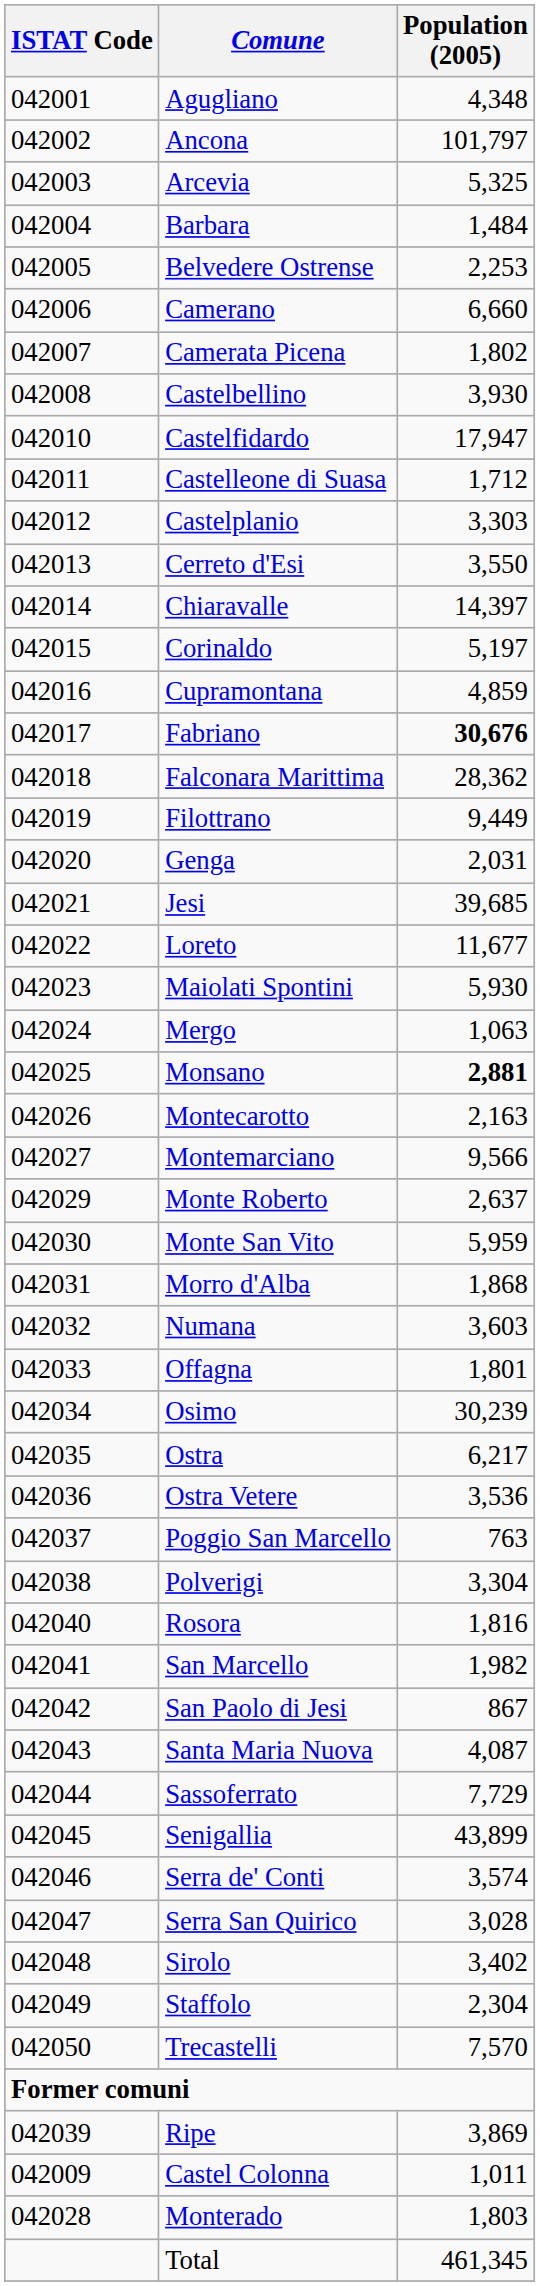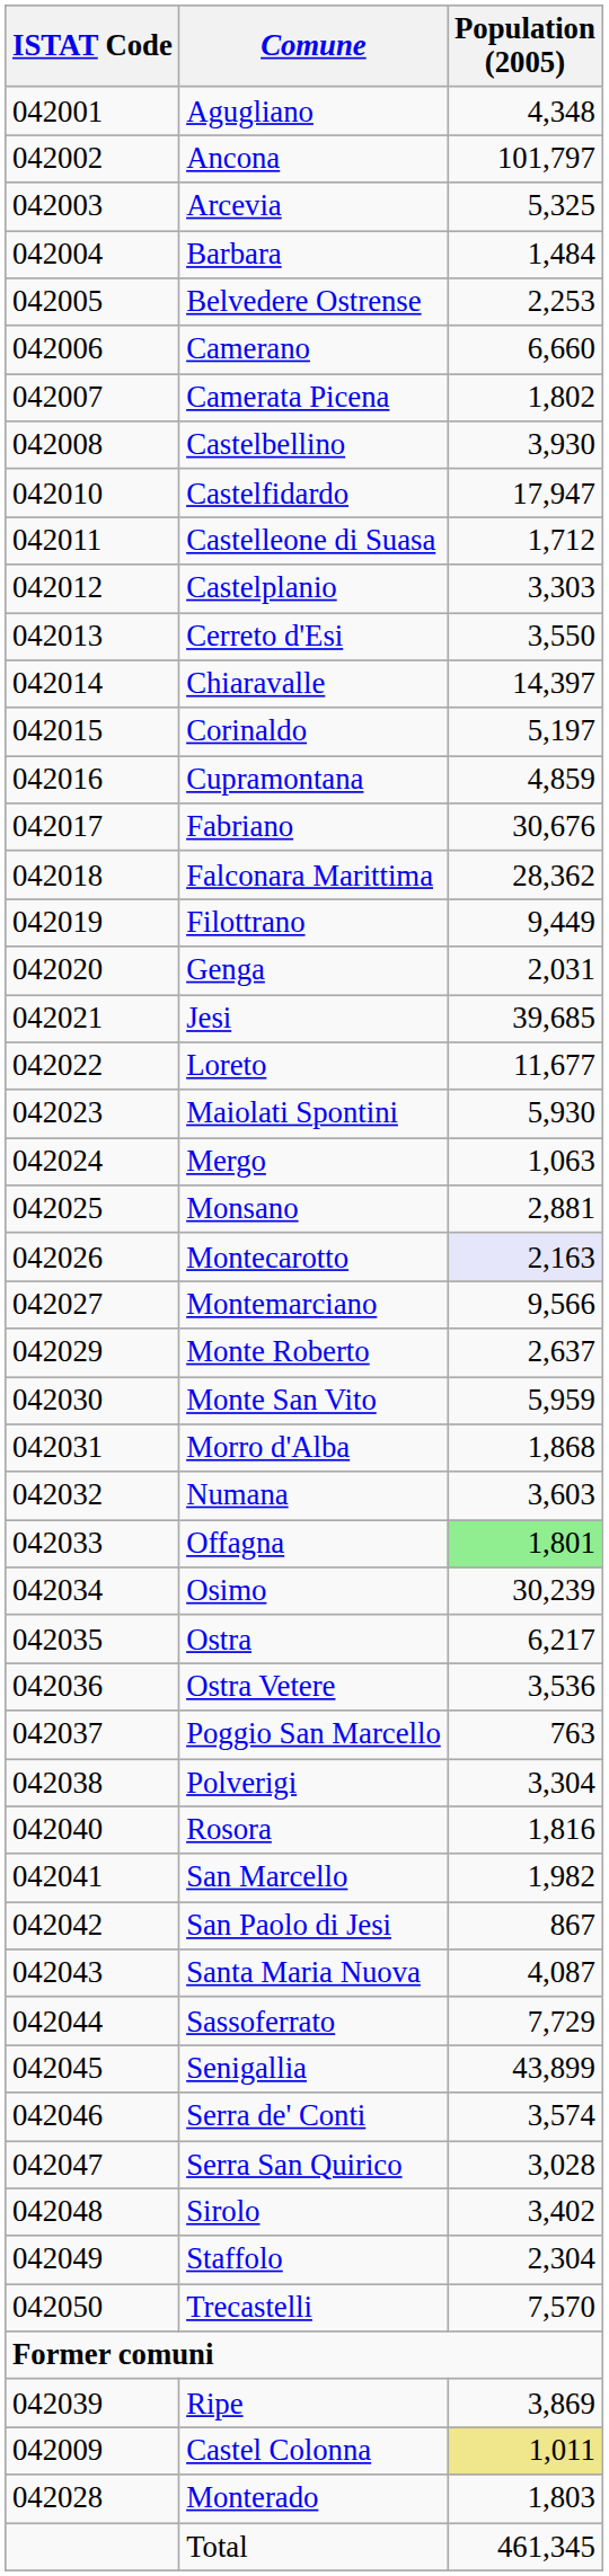 <table class="wikitable sortable">
 <tr>
 <th><a href='#'>ISTAT</a> Code</th>
 <th><em><a href='#'>Comune</a></em></th>
 <th>Population <br>(2005)</th>
 </tr>
 <tr>
 <td>042001</td>
 <td><a href='#'>Agugliano</a></td>
 <td style="text-align:right;">4,348</td>
 </tr>
 <tr>
 <td>042002</td>
 <td><a href='#'>Ancona</a></td>
 <td style="text-align:right;">101,797</td>
 </tr>
 <tr>
 <td>042003</td>
 <td><a href='#'>Arcevia</a></td>
 <td style="text-align:right;">5,325</td>
 </tr>
 <tr>
 <td>042004</td>
 <td><a href='#'>Barbara</a></td>
 <td style="text-align:right;">1,484</td>
 </tr>
 <tr>
 <td>042005</td>
 <td><a href='#'>Belvedere Ostrense</a></td>
 <td style="text-align:right;">2,253</td>
 </tr>
 <tr>
 <td>042006</td>
 <td><a href='#'>Camerano</a></td>
 <td style="text-align:right;">6,660</td>
 </tr>
 <tr>
 <td>042007</td>
 <td><a href='#'>Camerata Picena</a></td>
 <td style="text-align:right;">1,802</td>
 </tr>
 <tr>
 <td>042008</td>
 <td><a href='#'>Castelbellino</a></td>
 <td style="text-align:right;">3,930</td>
 </tr>
 <tr>
 <td>042010</td>
 <td><a href='#'>Castelfidardo</a></td>
 <td style="text-align:right;">17,947</td>
 </tr>
 <tr>
 <td>042011</td>
 <td><a href='#'>Castelleone di Suasa</a></td>
 <td style="text-align:right;">1,712</td>
 </tr>
 <tr>
 <td>042012</td>
 <td><a href='#'>Castelplanio</a></td>
 <td style="text-align:right;">3,303</td>
 </tr>
 <tr>
 <td>042013</td>
 <td><a href='#'>Cerreto d'Esi</a></td>
 <td style="text-align:right;">3,550</td>
 </tr>
 <tr>
 <td>042014</td>
 <td><a href='#'>Chiaravalle</a></td>
 <td style="text-align:right;">14,397</td>
 </tr>
 <tr>
 <td>042015</td>
 <td><a href='#'>Corinaldo</a></td>
 <td style="text-align:right;">5,197</td>
 </tr>
 <tr>
 <td>042016</td>
 <td><a href='#'>Cupramontana</a></td>
 <td style="text-align:right;">4,859</td>
 </tr>
 <tr>
 <td>042017</td>
 <td><a href='#'>Fabriano</a></td>
-<td style="text-align:right;"><strong>30,676</strong></td>
+<td style="text-align:right;">30,676</td>
 </tr>
 <tr>
 <td>042018</td>
 <td><a href='#'>Falconara Marittima</a></td>
 <td style="text-align:right;">28,362</td>
 </tr>
 <tr>
 <td>042019</td>
 <td><a href='#'>Filottrano</a></td>
 <td style="text-align:right;">9,449</td>
 </tr>
 <tr>
 <td>042020</td>
 <td><a href='#'>Genga</a></td>
 <td style="text-align:right;">2,031</td>
 </tr>
 <tr>
 <td>042021</td>
 <td><a href='#'>Jesi</a></td>
 <td style="text-align:right;">39,685</td>
 </tr>
 <tr>
 <td>042022</td>
 <td><a href='#'>Loreto</a></td>
 <td style="text-align:right;">11,677</td>
 </tr>
 <tr>
 <td>042023</td>
 <td><a href='#'>Maiolati Spontini</a></td>
 <td style="text-align:right;">5,930</td>
 </tr>
 <tr>
 <td>042024</td>
 <td><a href='#'>Mergo</a></td>
 <td style="text-align:right;">1,063</td>
 </tr>
 <tr>
 <td>042025</td>
 <td><a href='#'>Monsano</a></td>
-<td style="text-align:right;"><strong>2,881</strong></td>
+<td style="text-align:right;">2,881</td>
 </tr>
 <tr>
 <td>042026</td>
 <td><a href='#'>Montecarotto</a></td>
-<td style="text-align:right;">2,163</td>
+<td style="background: lavender; text-align:right;">2,163</td>
 </tr>
 <tr>
 <td>042027</td>
 <td><a href='#'>Montemarciano</a></td>
 <td style="text-align:right;">9,566</td>
 </tr>
 <tr>
 <td>042029</td>
 <td><a href='#'>Monte Roberto</a></td>
 <td style="text-align:right;">2,637</td>
 </tr>
 <tr>
 <td>042030</td>
 <td><a href='#'>Monte San Vito</a></td>
 <td style="text-align:right;">5,959</td>
 </tr>
 <tr>
 <td>042031</td>
 <td><a href='#'>Morro d'Alba</a></td>
 <td style="text-align:right;">1,868</td>
 </tr>
 <tr>
 <td>042032</td>
 <td><a href='#'>Numana</a></td>
 <td style="text-align:right;">3,603</td>
 </tr>
 <tr>
 <td>042033</td>
 <td><a href='#'>Offagna</a></td>
-<td style="text-align:right;">1,801</td>
+<td style="background: lightgreen; text-align:right;">1,801</td>
 </tr>
 <tr>
 <td>042034</td>
 <td><a href='#'>Osimo</a></td>
 <td style="text-align:right;">30,239</td>
 </tr>
 <tr>
 <td>042035</td>
 <td><a href='#'>Ostra</a></td>
 <td style="text-align:right;">6,217</td>
 </tr>
 <tr>
 <td>042036</td>
 <td><a href='#'>Ostra Vetere</a></td>
 <td style="text-align:right;">3,536</td>
 </tr>
 <tr>
 <td>042037</td>
 <td><a href='#'>Poggio San Marcello</a></td>
 <td style="text-align:right;">763</td>
 </tr>
 <tr>
 <td>042038</td>
 <td><a href='#'>Polverigi</a></td>
 <td style="text-align:right;">3,304</td>
 </tr>
 <tr>
 <td>042040</td>
 <td><a href='#'>Rosora</a></td>
 <td style="text-align:right;">1,816</td>
 </tr>
 <tr>
 <td>042041</td>
 <td><a href='#'>San Marcello</a></td>
 <td style="text-align:right;">1,982</td>
 </tr>
 <tr>
 <td>042042</td>
 <td><a href='#'>San Paolo di Jesi</a></td>
 <td style="text-align:right;">867</td>
 </tr>
 <tr>
 <td>042043</td>
 <td><a href='#'>Santa Maria Nuova</a></td>
 <td style="text-align:right;">4,087</td>
 </tr>
 <tr>
 <td>042044</td>
 <td><a href='#'>Sassoferrato</a></td>
 <td style="text-align:right;">7,729</td>
 </tr>
 <tr>
 <td>042045</td>
 <td><a href='#'>Senigallia</a></td>
 <td style="text-align:right;">43,899</td>
 </tr>
 <tr>
 <td>042046</td>
 <td><a href='#'>Serra de' Conti</a></td>
 <td style="text-align:right;">3,574</td>
 </tr>
 <tr>
 <td>042047</td>
 <td><a href='#'>Serra San Quirico</a></td>
 <td style="text-align:right;">3,028</td>
 </tr>
 <tr>
 <td>042048</td>
 <td><a href='#'>Sirolo</a></td>
 <td style="text-align:right;">3,402</td>
 </tr>
 <tr>
 <td>042049</td>
 <td><a href='#'>Staffolo</a></td>
 <td style="text-align:right;">2,304</td>
 </tr>
 <tr>
 <td>042050</td>
 <td><a href='#'>Trecastelli</a></td>
 <td style="text-align:right;">7,570</td>
 </tr>
 <tr>
 <td colspan="3"><strong>Former comuni</strong></td>
 </tr>
 <tr>
 <td>042039</td>
 <td><a href='#'>Ripe</a></td>
 <td style="text-align:right;">3,869</td>
 </tr>
 <tr>
 <td>042009</td>
 <td><a href='#'>Castel Colonna</a></td>
-<td style="text-align:right;">1,011</td>
+<td style="background: khaki; text-align:right;">1,011</td>
 </tr>
 <tr>
 <td>042028</td>
 <td><a href='#'>Monterado</a></td>
 <td style="text-align:right;">1,803</td>
 </tr>
 <tr>
 <td></td>
 <td>Total</td>
 <td style="text-align:right;">461,345</td>
 </tr>
 </table>
